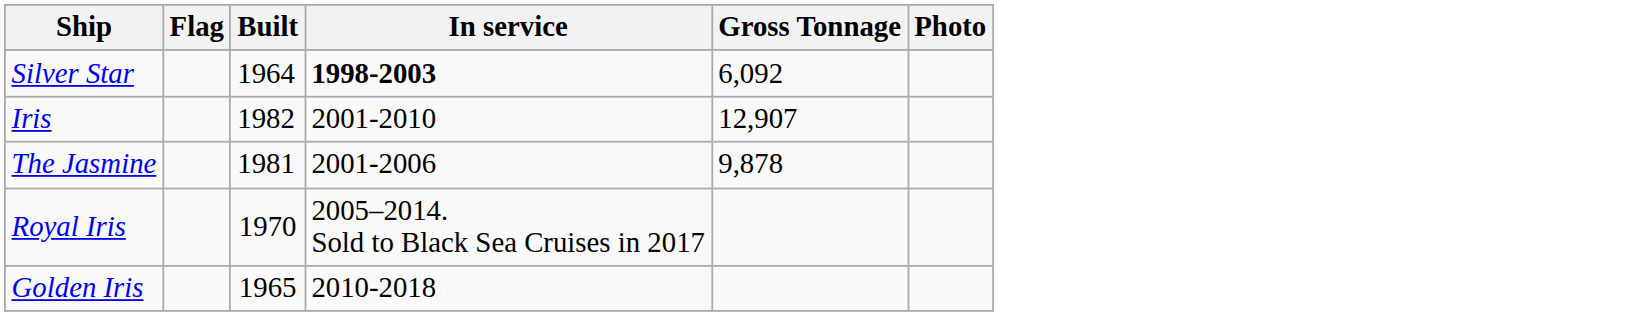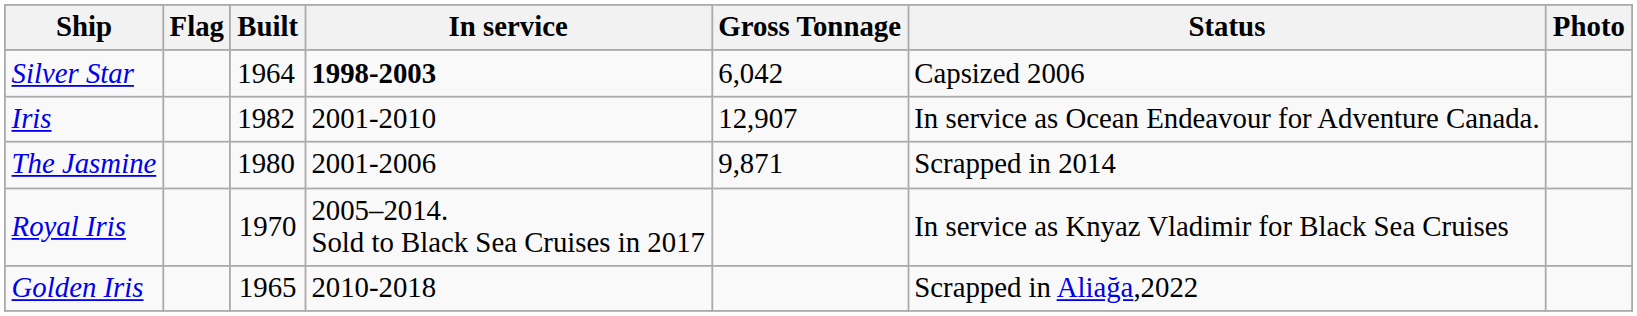 <table class="wikitable">
 <tr>
 <th>Ship</th>
 <th>Flag</th>
 <th>Built</th>
 <th>In service</th>
 <th>Gross Tonnage</th>
+<th>Status</th>
 <th>Photo</th>
 </tr>
 <tr>
 <td><a href='#'><em>Silver Star</em></a></td>
 <td></td>
 <td>1964</td>
 <td><strong>1998-2003</strong></td>
-<td>6,092</td>
+<td>6,042</td>
+<td>Capsized 2006</td>
 <td></td>
 </tr>
 <tr>
 <td><a href='#'><em>Iris</em></a></td>
 <td></td>
 <td>1982</td>
 <td>2001-2010</td>
 <td>12,907</td>
+<td>In service as Ocean Endeavour for Adventure Canada.</td>
 <td></td>
 </tr>
 <tr>
 <td><a href='#'><em>The Jasmine</em></a></td>
 <td></td>
-<td>1981</td>
+<td>1980</td>
 <td>2001-2006</td>
-<td>9,878</td>
+<td>9,871</td>
+<td>Scrapped in 2014</td>
 <td></td>
 </tr>
 <tr>
 <td><a href='#'><em>Royal Iris</em></a></td>
 <td></td>
 <td align="Center">1970</td>
 <td>2005–2014.<br>Sold to Black Sea  Cruises in 2017</td>
 <td align="Center"></td>
+<td>In service as Knyaz Vladimir for Black Sea Cruises</td>
 <td></td>
 </tr>
 <tr>
 <td><a href='#'><em>Golden Iris</em></a></td>
 <td></td>
 <td align="Center">1965</td>
 <td>2010-2018</td>
 <td align="Center"></td>
+<td>Scrapped in <a href='#'>Aliağa</a>,2022</td>
 <td></td>
 </tr>
 </table>
